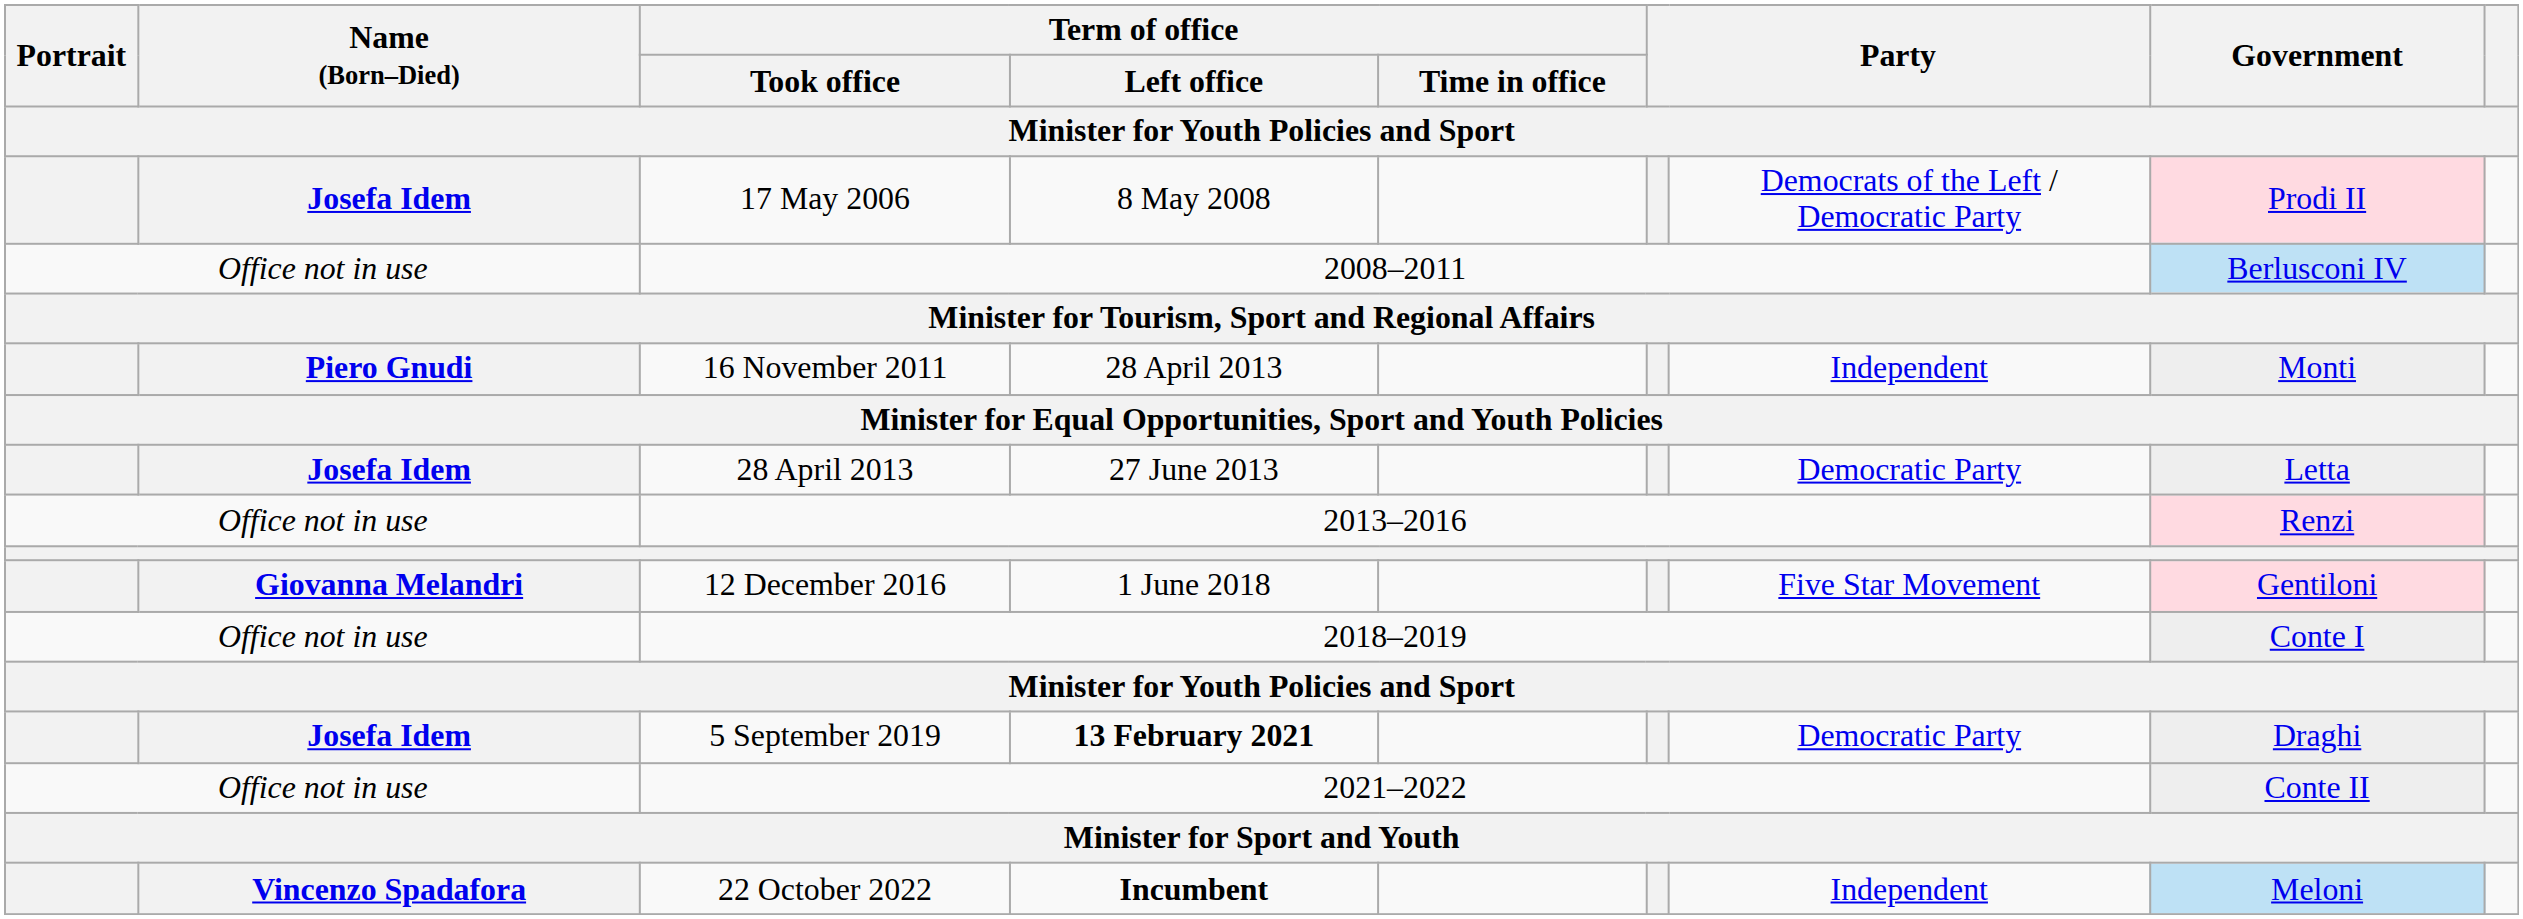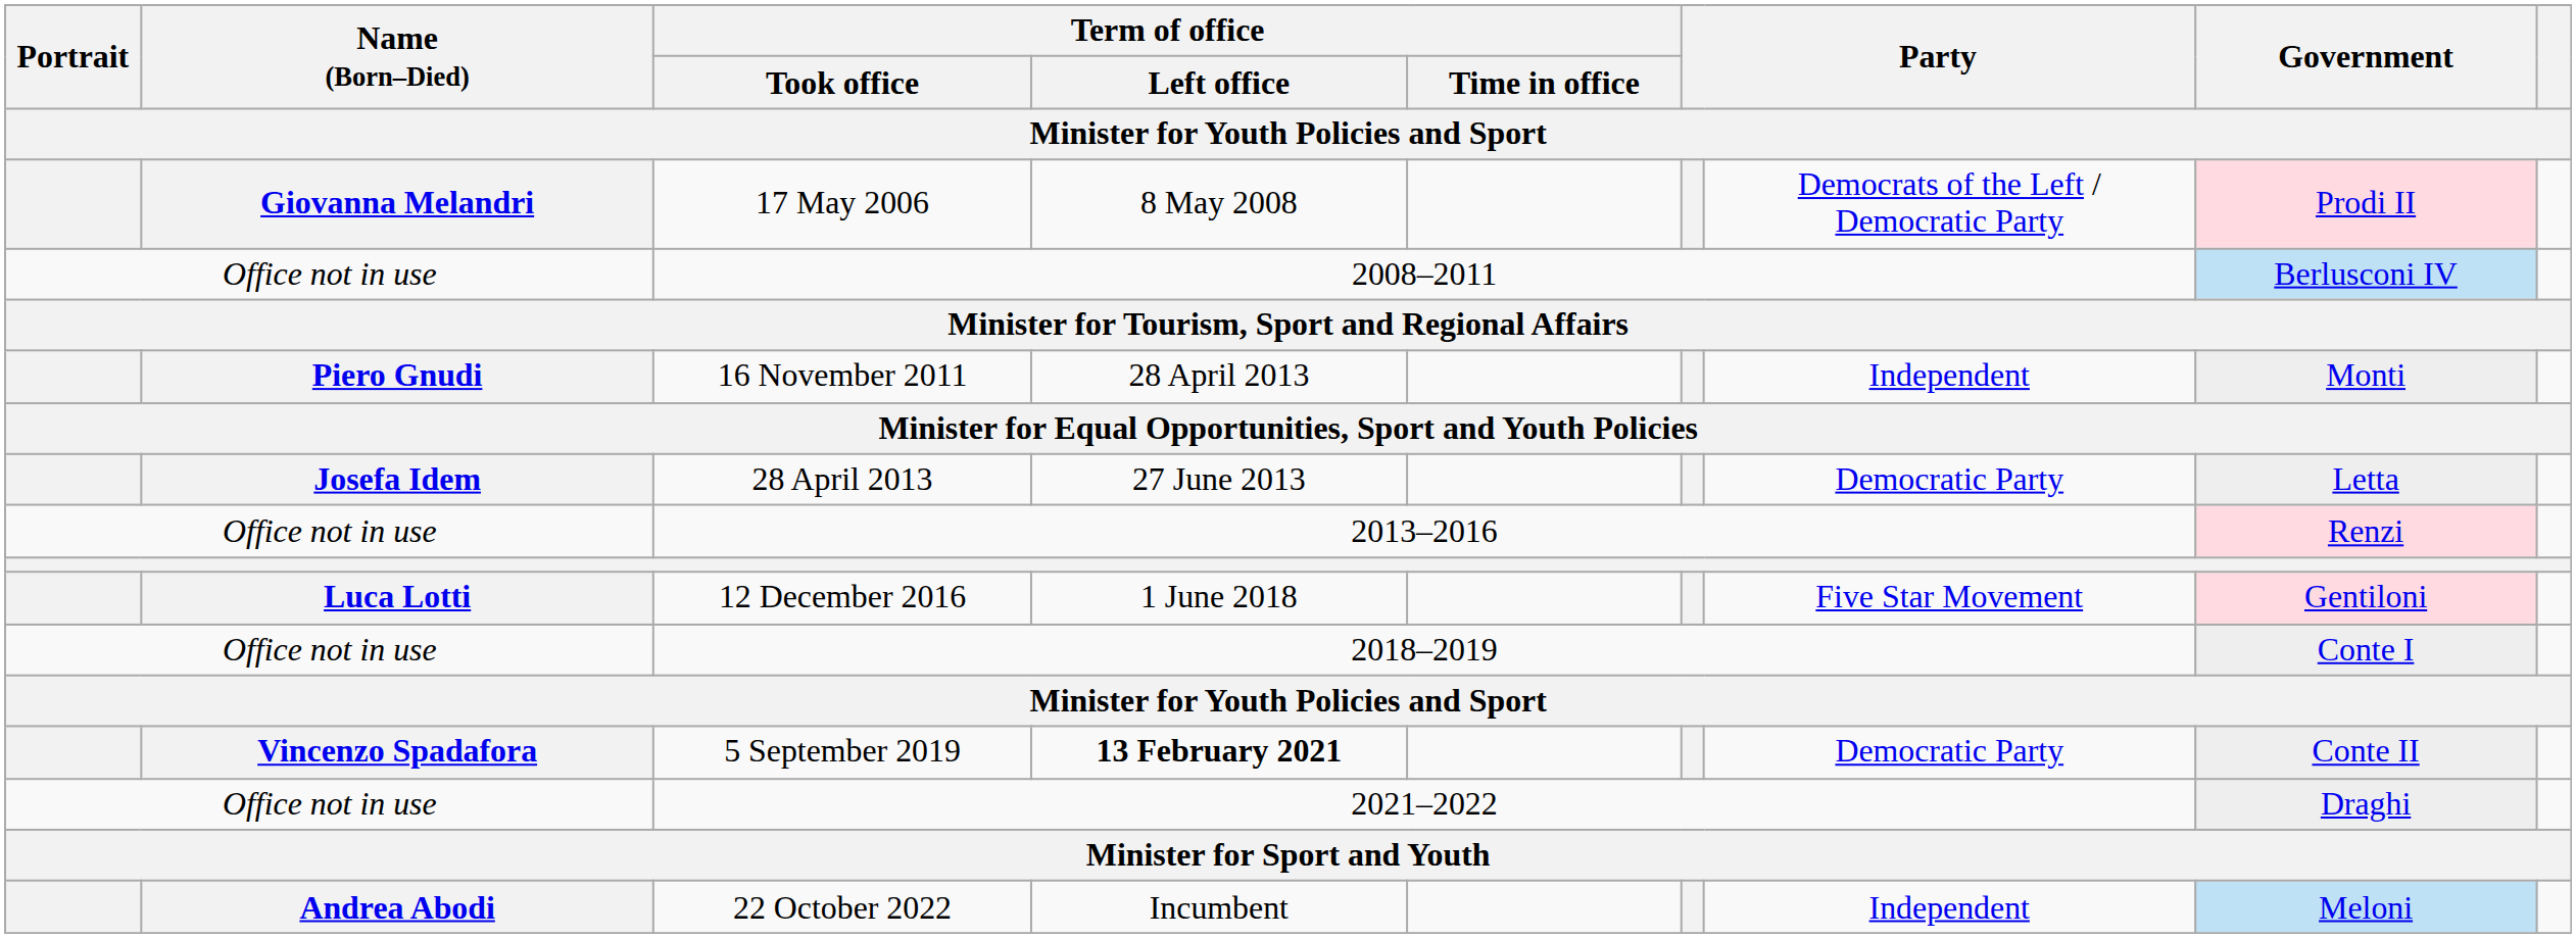 <table class="wikitable" style="text-align:center; style="width=100%">
 <tr>
 <th width=1% rowspan=2>Portrait</th>
 <th width=15% rowspan=2>Name<br><small>(Born–Died)</small></th>
 <th width=30% colspan=3>Term of office</th>
 <th width=15% rowspan=2 colspan=2>Party</th>
 <th width=10% rowspan=2>Government</th>
 <th width=1% rowspan=2></th>
 </tr>
 <tr style="text-align:center;">
 <th width=11%>Took office</th>
 <th width=11%>Left office</th>
 <th width=8%>Time in office</th>
 </tr>
 <tr>
 <th colspan=9>Minister for Youth Policies and Sport</th>
 </tr>
 <tr style="text-align:center;">
 <th></th>
-<th scope="row" style="font-weight:normal"><strong><a href='#'>Josefa Idem</a></strong><br></th>
+<th scope="row" style="font-weight:normal"><strong><a href='#'>Giovanna Melandri</a></strong><br></th>
 <td>17 May 2006</td>
 <td>8 May 2008</td>
 <td></td>
 <th style="background:"></th>
 <td><a href='#'>Democrats of the Left</a> /<br><a href='#'>Democratic Party</a></td>
 <td bgcolor=#FFDAE1><a href='#'>Prodi II</a></td>
 <td></td>
 </tr>
 <tr>
 <td colspan=2><em>Office not in use</em></td>
 <td colspan=5 align="center">2008–2011</td>
 <td bgcolor=#BEE1F5><a href='#'>Berlusconi IV</a></td>
 <td></td>
 </tr>
 <tr>
 <th colspan=9>Minister for Tourism, Sport and Regional Affairs</th>
 </tr>
 <tr>
 <th></th>
 <th scope="row" style="font-weight:normal"><strong><a href='#'>Piero Gnudi</a></strong><br></th>
 <td>16 November 2011</td>
 <td>28 April 2013</td>
 <td></td>
 <th style="background:"></th>
 <td><a href='#'>Independent</a></td>
 <td bgcolor=#EEEEEE><a href='#'>Monti</a></td>
 <td></td>
 </tr>
 <tr>
 <th colspan=9>Minister for Equal Opportunities, Sport and Youth Policies</th>
 </tr>
 <tr>
 <th></th>
 <th scope="row" style="font-weight:normal"><strong><a href='#'>Josefa Idem</a></strong><br></th>
 <td>28 April 2013</td>
 <td>27 June 2013</td>
 <td></td>
 <th style="background:"></th>
 <td><a href='#'>Democratic Party</a></td>
 <td bgcolor=#EEEEEE><a href='#'>Letta</a></td>
 <td></td>
 </tr>
 <tr>
 <td colspan=2><em>Office not in use</em></td>
 <td colspan=5 align="center">2013–2016</td>
 <td bgcolor=#FFDAE1><a href='#'>Renzi</a></td>
 <td></td>
 </tr>
 <tr>
 <th colspan=10></th>
 </tr>
 <tr>
 <th></th>
-<th scope="row" style="font-weight:normal"><strong><a href='#'>Giovanna Melandri</a></strong><br></th>
+<th scope="row" style="font-weight:normal"><strong><a href='#'>Luca Lotti</a></strong><br></th>
 <td>12 December 2016</td>
 <td>1 June 2018</td>
 <td></td>
 <th style="background:"></th>
 <td><a href='#'>Five Star Movement</a></td>
 <td bgcolor=#FFDAE1><a href='#'>Gentiloni</a></td>
 <td></td>
 </tr>
 <tr>
 <td colspan=2><em>Office not in use</em></td>
 <td colspan=5 align="center">2018–2019</td>
 <td bgcolor=#EEEEEE><a href='#'>Conte I</a></td>
 <td></td>
 </tr>
 <tr>
 <th colspan=9>Minister for Youth Policies and Sport</th>
 </tr>
 <tr>
 <th></th>
-<th scope="row" style="font-weight:normal"><strong><a href='#'>Josefa Idem</a></strong><br></th>
+<th scope="row" style="font-weight:normal"><strong><a href='#'>Vincenzo Spadafora</a></strong><br></th>
 <td>5 September 2019</td>
 <td><strong>13 February 2021</strong></td>
 <td></td>
 <th style="background:"></th>
 <td><a href='#'>Democratic Party</a></td>
-<td bgcolor=#EEEEEE><a href='#'>Draghi</a></td>
+<td bgcolor=#EEEEEE><a href='#'>Conte II</a></td>
 <td></td>
 </tr>
 <tr>
 <td colspan=2><em>Office not in use</em></td>
 <td colspan=5 align="center">2021–2022</td>
-<td bgcolor=#EEEEEE><a href='#'>Conte II</a></td>
+<td bgcolor=#EEEEEE><a href='#'>Draghi</a></td>
 <td></td>
 </tr>
 <tr>
 <th colspan=9>Minister for Sport and Youth</th>
 </tr>
 <tr>
 <th></th>
-<th scope="row" style="font-weight:normal"><strong><a href='#'>Vincenzo Spadafora</a></strong><br></th>
+<th scope="row" style="font-weight:normal"><strong><a href='#'>Andrea Abodi</a></strong><br></th>
 <td>22 October 2022</td>
-<td><strong>Incumbent</strong></td>
+<td>Incumbent</td>
 <td></td>
 <th style="background:"></th>
 <td><a href='#'>Independent</a></td>
 <td bgcolor=#BEE1F5><a href='#'>Meloni</a></td>
 <td></td>
 </tr>
 <tr>
 </tr>
 </table>
